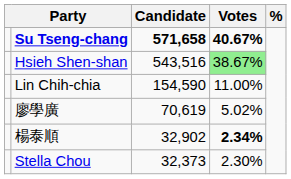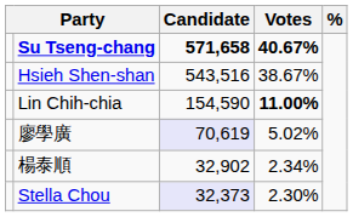 <table class="wikitable">
 <tr>
 <th colspan="2">Party</th>
 <th>Candidate</th>
 <th>Votes</th>
 <th>%</th>
 </tr>
 <tr>
 <td></td>
 <td><strong><a href='#'>Su Tseng-chang</a></strong></td>
 <td align="right"><strong>571,658</strong></td>
 <td align="right"><strong>40.67%</strong></td>
 </tr>
 <tr>
 <td></td>
 <td><a href='#'>Hsieh Shen-shan</a></td>
 <td align="right">543,516</td>
-<td align="right" style="background: lightgreen;">38.67%</td>
+<td align="right">38.67%</td>
 </tr>
 <tr>
 <td></td>
 <td>Lin Chih-chia</td>
 <td align="right">154,590</td>
-<td align="right">11.00%</td>
+<td align="right"><strong>11.00%</strong></td>
 </tr>
 <tr>
 <td></td>
 <td>廖學廣</td>
-<td align="right">70,619</td>
+<td align="right" style="background: lavender;">70,619</td>
 <td align="right">5.02%</td>
 </tr>
 <tr>
 <td></td>
 <td>楊泰順</td>
 <td align="right">32,902</td>
-<td align="right"><strong>2.34%</strong></td>
+<td align="right">2.34%</td>
 </tr>
 <tr>
 <td></td>
 <td><a href='#'>Stella Chou</a></td>
-<td align="right">32,373</td>
+<td align="right" style="background: lavender;">32,373</td>
 <td align="right">2.30%</td>
 </tr>
 </table>
